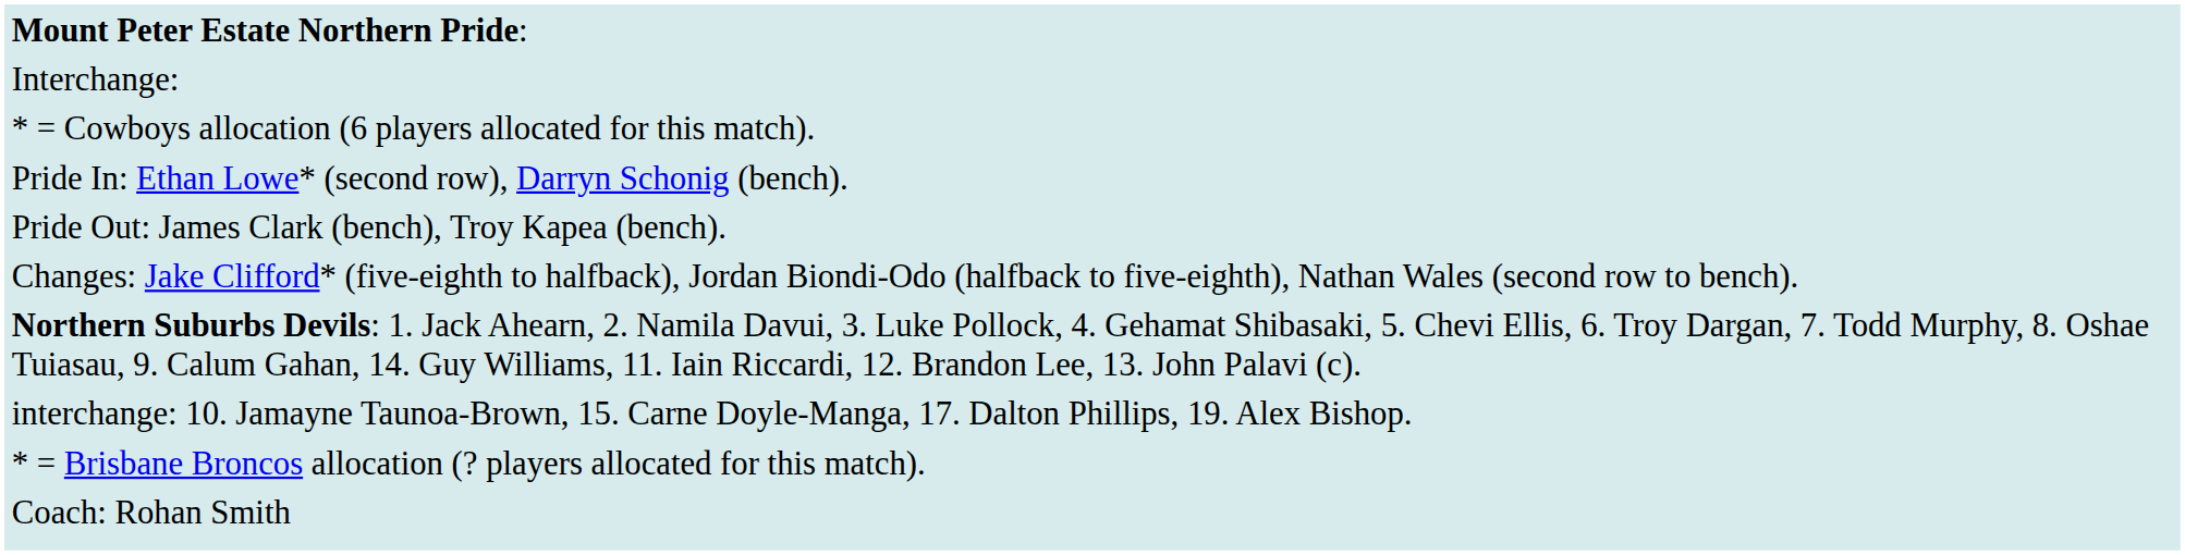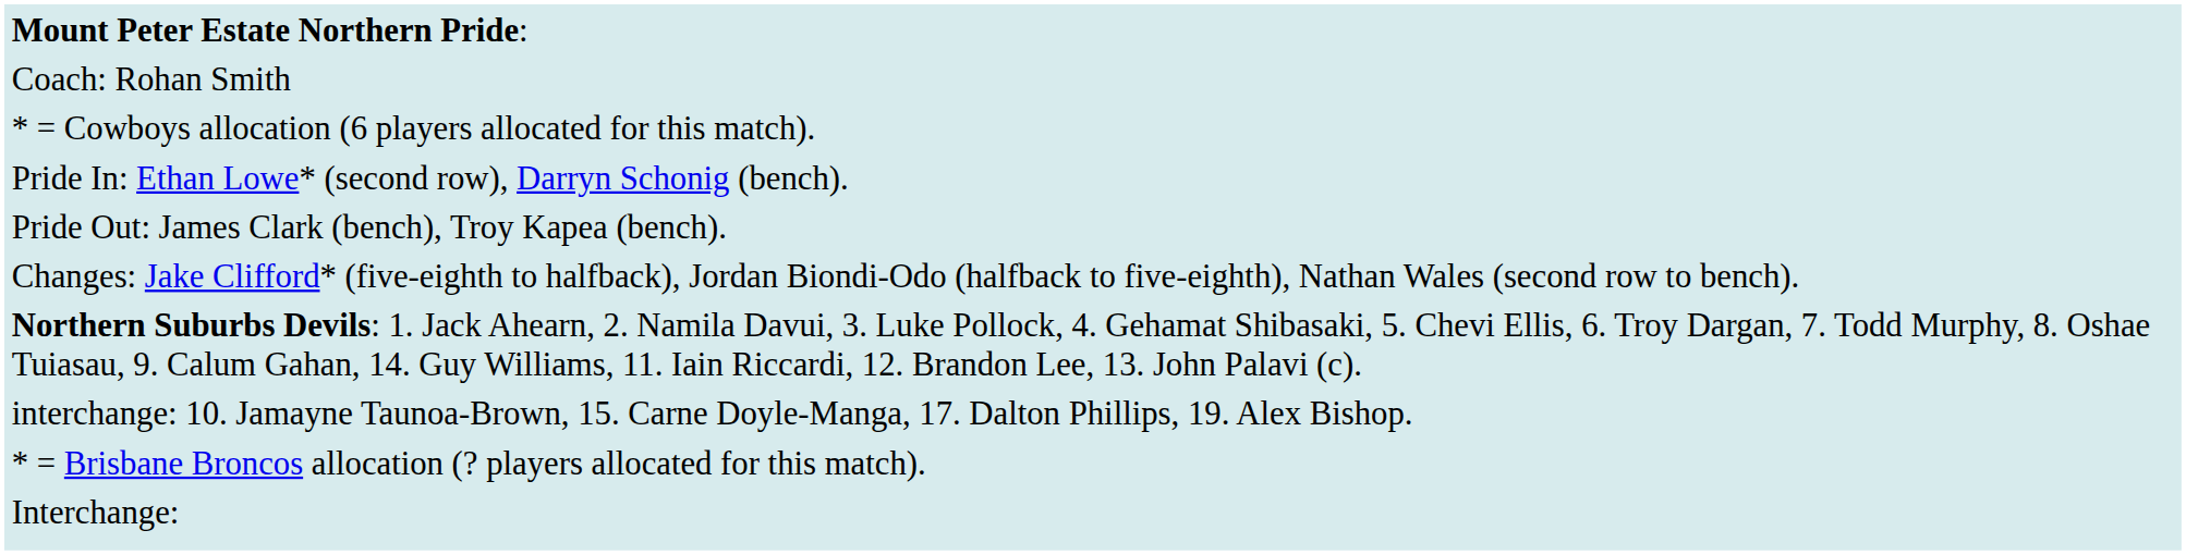 <table style="background:#d7ebed; font-size:85%; width:100%;">
 <tr>
 <td><strong>Mount Peter Estate Northern Pride</strong>:             </td>
 </tr>
 <tr>
-<td>Interchange:    </td>
+<td>Coach: Rohan Smith</td>
 </tr>
 <tr>
 <td>* = Cowboys allocation (6 players allocated for this match).</td>
 </tr>
 <tr>
 <td>Pride In: <a href='#'>Ethan Lowe</a>* (second row), <a href='#'>Darryn Schonig</a> (bench).</td>
 </tr>
 <tr>
 <td>Pride Out: James Clark (bench), Troy Kapea (bench).</td>
 </tr>
 <tr>
 <td>Changes: <a href='#'>Jake Clifford</a>* (five-eighth to halfback), Jordan Biondi-Odo (halfback to five-eighth), Nathan Wales (second row to bench).</td>
 </tr>
 <tr>
 <td><strong>Northern Suburbs Devils</strong>: 1. Jack Ahearn, 2. Namila Davui, 3. Luke Pollock, 4. Gehamat Shibasaki, 5. Chevi Ellis, 6. Troy Dargan, 7. Todd Murphy, 8. Oshae Tuiasau, 9. Calum Gahan, 14. Guy Williams, 11. Iain Riccardi, 12. Brandon Lee, 13. John Palavi (c).</td>
 </tr>
 <tr>
 <td>interchange: 10. Jamayne Taunoa-Brown, 15. Carne Doyle-Manga, 17. Dalton Phillips, 19. Alex Bishop.</td>
 </tr>
 <tr>
 <td>* = <a href='#'>Brisbane Broncos</a> allocation (? players allocated for this match).</td>
 </tr>
 <tr>
-<td>Coach: Rohan Smith</td>
+<td>Interchange:    </td>
 </tr>
 <tr>
 </tr>
 <tr>
 </tr>
 </table>
